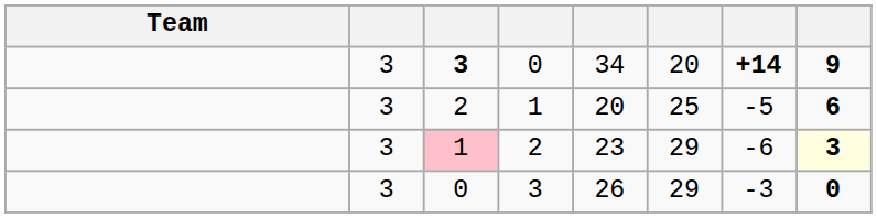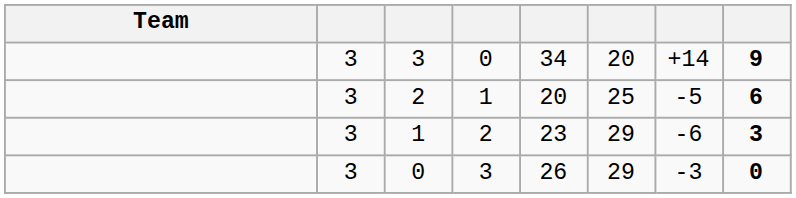 <table class="wikitable" style="text-align:center;font-size:95%">
 <tr>
 <th width="160">Team</th>
 <th width="30"></th>
 <th width="30"></th>
 <th width="30"></th>
 <th width="30"></th>
 <th width="30"></th>
 <th width="30"></th>
 <th width="30"></th>
 </tr>
 <tr>
 <td align="left"></td>
 <td>3</td>
-<td><strong>3</strong></td>
+<td>3</td>
 <td>0</td>
 <td>34</td>
 <td>20</td>
-<td><strong>+14</strong></td>
+<td>+14</td>
 <td><strong>9</strong></td>
 </tr>
 <tr>
 <td align="left"></td>
 <td>3</td>
 <td>2</td>
 <td>1</td>
 <td>20</td>
 <td>25</td>
 <td>-5</td>
 <td><strong>6</strong></td>
 </tr>
 <tr>
 <td align="left"></td>
 <td>3</td>
-<td style="background: pink;">1</td>
+<td>1</td>
 <td>2</td>
 <td>23</td>
 <td>29</td>
 <td>-6</td>
-<td style="background: lightyellow;"><strong>3</strong></td>
+<td><strong>3</strong></td>
 </tr>
 <tr>
 <td align="left"></td>
 <td>3</td>
 <td>0</td>
 <td>3</td>
 <td>26</td>
 <td>29</td>
 <td>-3</td>
 <td><strong>0</strong></td>
 </tr>
 </table>
